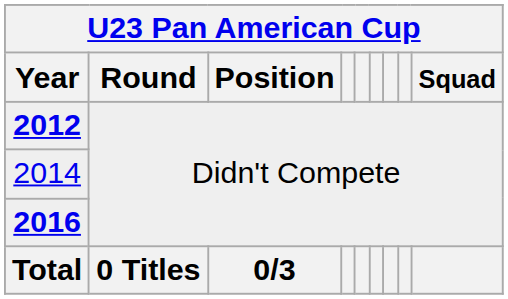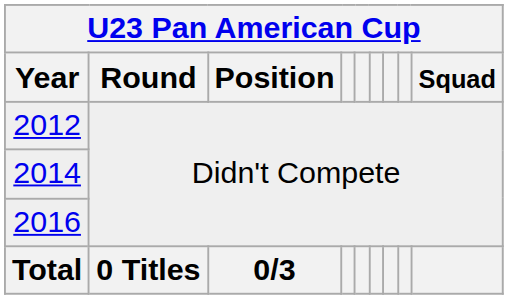 <table class="wikitable" style="text-align: center;">
 <tr>
 <th colspan=9><a href='#'>U23 Pan American Cup</a></th>
 </tr>
 <tr>
 <th>Year</th>
 <th>Round</th>
 <th>Position</th>
 <th></th>
 <th></th>
 <th></th>
 <th></th>
 <th></th>
 <th><small>Squad</small></th>
 </tr>
 <tr bgcolor="efefef">
-<td><strong> <a href='#'>2012</a></strong></td>
+<td> <a href='#'>2012</a></td>
 <td colspan=9 rowspan=3>Didn't Compete</td>
 </tr>
 <tr bgcolor="efefef">
 <td> <a href='#'>2014</a></td>
 </tr>
 <tr bgcolor="efefef">
-<td><strong> <a href='#'>2016</a></strong></td>
+<td> <a href='#'>2016</a></td>
 </tr>
 <tr>
 <th>Total</th>
 <th>0 Titles</th>
 <th>0/3</th>
 <th></th>
 <th></th>
 <th></th>
 <th></th>
 <th></th>
 <th></th>
 </tr>
 </table>
